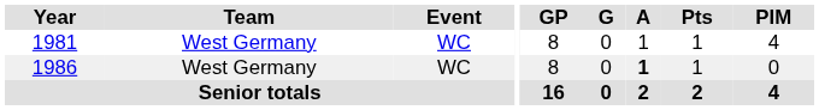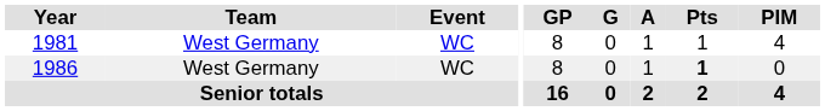 <table border="0" cellpadding="1" cellspacing="0" style="text-align:center; width:40em">
 <tr bgcolor="#e0e0e0">
 <th>Year</th>
 <th>Team</th>
 <th>Event</th>
 <th rowspan="99" bgcolor="#ffffff"></th>
 <th>GP</th>
 <th>G</th>
 <th>A</th>
 <th>Pts</th>
 <th>PIM</th>
 </tr>
 <tr>
 <td><a href='#'>1981</a></td>
 <td><a href='#'>West Germany</a></td>
 <td><a href='#'>WC</a></td>
 <td>8</td>
 <td>0</td>
 <td>1</td>
 <td>1</td>
 <td>4</td>
 </tr>
 <tr bgcolor="#f0f0f0">
 <td><a href='#'>1986</a></td>
 <td>West Germany</td>
 <td>WC</td>
 <td>8</td>
 <td>0</td>
+<td>1</td>
 <td><strong>1</strong></td>
-<td>1</td>
 <td>0</td>
 </tr>
 <tr bgcolor="#e0e0e0">
 <th colspan="3">Senior totals</th>
 <th>16</th>
 <th>0</th>
 <th>2</th>
 <th>2</th>
 <th>4</th>
 </tr>
 </table>
